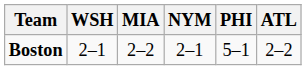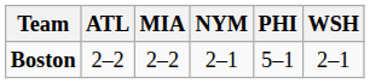 <table class="wikitable" style="text-align:center; font-size: 95%;">
 <tr>
 <th>Team</th>
-<th>WSH</th>
+<th>ATL</th>
 <th>MIA</th>
 <th>NYM</th>
 <th>PHI</th>
-<th>ATL</th>
+<th>WSH</th>
 </tr>
 <tr>
 <td><strong>Boston</strong></td>
-<td>2–1</td>
+<td>2–2</td>
 <td>2–2</td>
 <td>2–1</td>
 <td>5–1</td>
-<td>2–2</td>
+<td>2–1</td>
 </tr>
 </table>
